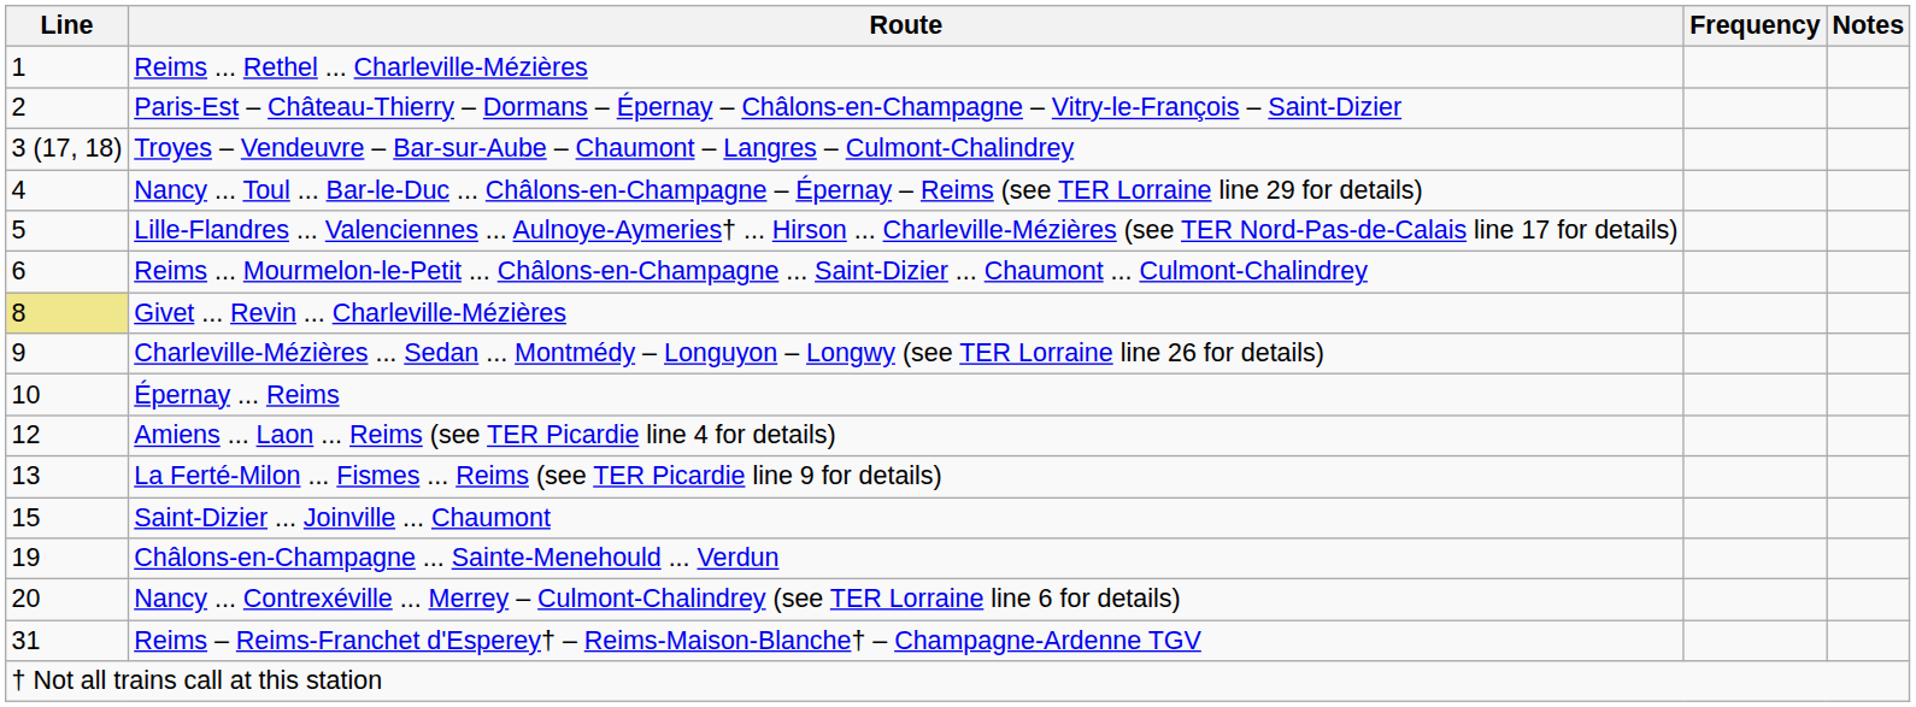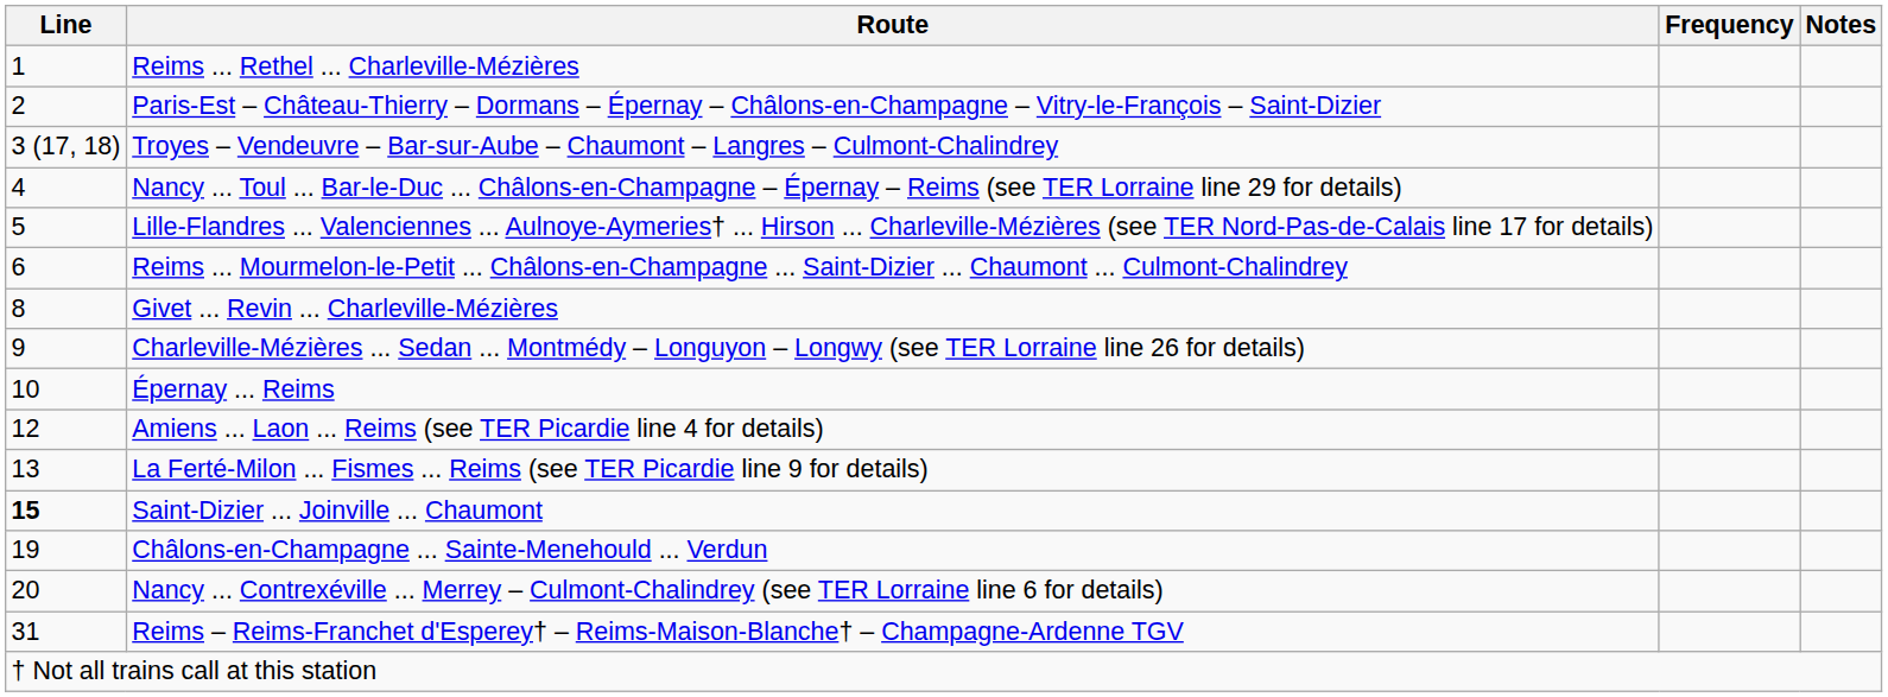 <table class="wikitable vatop">
 <tr>
 <th>Line</th>
 <th>Route</th>
 <th>Frequency</th>
 <th>Notes</th>
 </tr>
 <tr>
 <td>1</td>
 <td><a href='#'>Reims</a> ... <a href='#'>Rethel</a> ... <a href='#'>Charleville-Mézières</a></td>
 <td></td>
 <td></td>
 </tr>
 <tr>
 <td>2</td>
 <td><a href='#'>Paris-Est</a> – <a href='#'>Château-Thierry</a> – <a href='#'>Dormans</a> – <a href='#'>Épernay</a> – <a href='#'>Châlons-en-Champagne</a> – <a href='#'>Vitry-le-François</a> – <a href='#'>Saint-Dizier</a></td>
 <td></td>
 <td></td>
 </tr>
 <tr>
 <td>3 (17, 18)</td>
 <td><a href='#'>Troyes</a> – <a href='#'>Vendeuvre</a> – <a href='#'>Bar-sur-Aube</a> – <a href='#'>Chaumont</a> – <a href='#'>Langres</a> – <a href='#'>Culmont-Chalindrey</a></td>
 <td></td>
 <td></td>
 </tr>
 <tr>
 <td>4</td>
 <td><a href='#'>Nancy</a> ... <a href='#'>Toul</a> ... <a href='#'>Bar-le-Duc</a> ... <a href='#'>Châlons-en-Champagne</a> – <a href='#'>Épernay</a> – <a href='#'>Reims</a> (see <a href='#'>TER Lorraine</a> line 29 for details)</td>
 <td></td>
 <td></td>
 </tr>
 <tr>
 <td>5</td>
 <td><a href='#'>Lille-Flandres</a> ... <a href='#'>Valenciennes</a> ... <a href='#'>Aulnoye-Aymeries</a>† ... <a href='#'>Hirson</a> ... <a href='#'>Charleville-Mézières</a> (see <a href='#'>TER Nord-Pas-de-Calais</a> line 17 for details)</td>
 <td></td>
 <td></td>
 </tr>
 <tr>
 <td>6</td>
 <td><a href='#'>Reims</a> ... <a href='#'>Mourmelon-le-Petit</a> ... <a href='#'>Châlons-en-Champagne</a> ... <a href='#'>Saint-Dizier</a> ... <a href='#'>Chaumont</a> ... <a href='#'>Culmont-Chalindrey</a></td>
 <td></td>
 <td></td>
 </tr>
 <tr>
-<td style="background: khaki;">8</td>
+<td>8</td>
 <td><a href='#'>Givet</a> ... <a href='#'>Revin</a> ... <a href='#'>Charleville-Mézières</a></td>
 <td></td>
 <td></td>
 </tr>
 <tr>
 <td>9</td>
 <td><a href='#'>Charleville-Mézières</a> ... <a href='#'>Sedan</a> ... <a href='#'>Montmédy</a> – <a href='#'>Longuyon</a> – <a href='#'>Longwy</a> (see <a href='#'>TER Lorraine</a> line 26 for details)</td>
 <td></td>
 <td></td>
 </tr>
 <tr>
 <td>10</td>
 <td><a href='#'>Épernay</a> ... <a href='#'>Reims</a></td>
 <td></td>
 <td></td>
 </tr>
 <tr>
 <td>12</td>
 <td><a href='#'>Amiens</a> ... <a href='#'>Laon</a> ... <a href='#'>Reims</a> (see <a href='#'>TER Picardie</a> line 4 for details)</td>
 <td></td>
 <td></td>
 </tr>
 <tr>
 <td>13</td>
 <td><a href='#'>La Ferté-Milon</a> ... <a href='#'>Fismes</a> ... <a href='#'>Reims</a> (see <a href='#'>TER Picardie</a> line 9 for details)</td>
 <td></td>
 <td></td>
 </tr>
 <tr>
-<td>15</td>
+<td><strong>15</strong></td>
 <td><a href='#'>Saint-Dizier</a> ... <a href='#'>Joinville</a> ... <a href='#'>Chaumont</a></td>
 <td></td>
 <td></td>
 </tr>
 <tr>
 <td>19</td>
 <td><a href='#'>Châlons-en-Champagne</a> ... <a href='#'>Sainte-Menehould</a> ... <a href='#'>Verdun</a></td>
 <td></td>
 <td></td>
 </tr>
 <tr>
 <td>20</td>
 <td><a href='#'>Nancy</a> ... <a href='#'>Contrexéville</a> ... <a href='#'>Merrey</a> – <a href='#'>Culmont-Chalindrey</a> (see <a href='#'>TER Lorraine</a> line 6 for details)</td>
 <td></td>
 <td></td>
 </tr>
 <tr>
 <td>31</td>
 <td><a href='#'>Reims</a> – <a href='#'>Reims-Franchet d'Esperey</a>† – <a href='#'>Reims-Maison-Blanche</a>† – <a href='#'>Champagne-Ardenne TGV</a></td>
 <td></td>
 <td></td>
 </tr>
 <tr>
 <td colspan=4>† Not all trains call at this station</td>
 </tr>
 </table>
